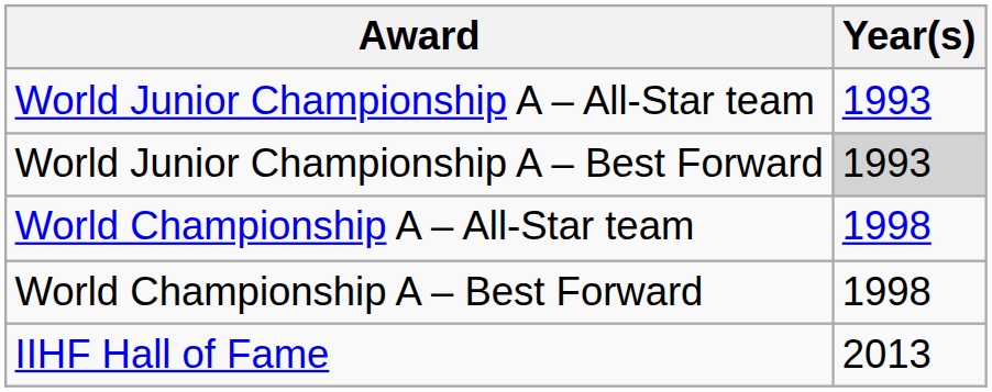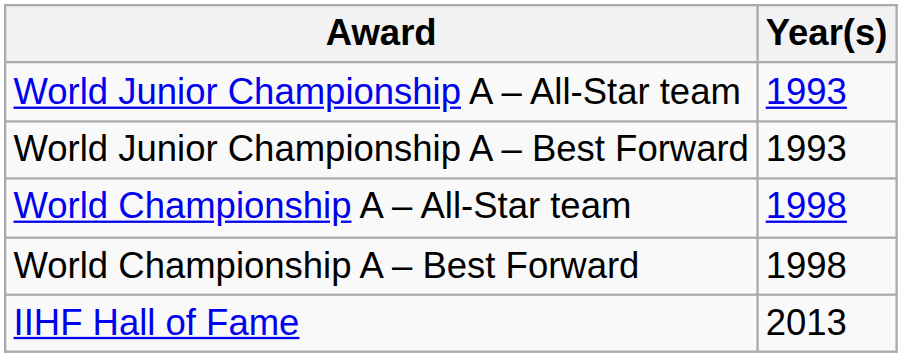 <table class="wikitable">
 <tr>
 <th>Award</th>
 <th>Year(s)</th>
 </tr>
 <tr>
 <td><a href='#'>World Junior Championship</a> A – All-Star team</td>
 <td><a href='#'>1993</a></td>
 </tr>
 <tr>
 <td>World Junior Championship A – Best Forward</td>
-<td style="background: lightgrey;">1993</td>
+<td>1993</td>
 </tr>
 <tr>
 <td><a href='#'>World Championship</a> A – All-Star team</td>
 <td><a href='#'>1998</a></td>
 </tr>
 <tr>
 <td>World Championship A – Best Forward</td>
 <td>1998</td>
 </tr>
 <tr>
 <td><a href='#'>IIHF Hall of Fame</a></td>
 <td>2013</td>
 </tr>
 </table>
